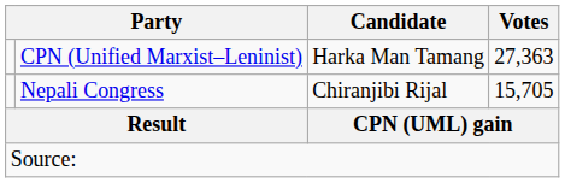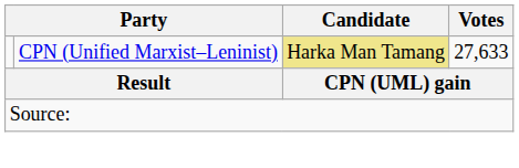 <table class="wikitable">
 <tr>
 <th colspan="2">Party</th>
 <th>Candidate</th>
 <th>Votes</th>
 </tr>
 <tr>
 <td style="background-color:"></td>
 <td><a href='#'>CPN (Unified Marxist–Leninist)</a></td>
-<td>Harka Man Tamang</td>
-<td>27,363</td>
-</tr>
-<tr>
-<td style="background-color:"></td>
-<td><a href='#'>Nepali Congress</a></td>
-<td>Chiranjibi Rijal</td>
-<td>15,705</td>
+<td style="background: khaki;">Harka Man Tamang</td>
+<td>27,633</td>
 </tr>
 <tr>
 <th colspan="2">Result</th>
 <th colspan="2">CPN (UML) gain</th>
 </tr>
 <tr>
 <td colspan="4">Source: </td>
 </tr>
 </table>
